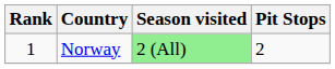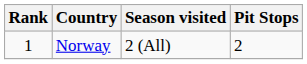 <table class="wikitable">
 <tr>
 <th>Rank</th>
 <th>Country</th>
 <th>Season visited</th>
 <th>Pit Stops</th>
 </tr>
 <tr>
 <td style="text-align:center;">1</td>
 <td><a href='#'>Norway</a></td>
-<td style="background: lightgreen;">2 (All)</td>
+<td>2 (All)</td>
 <td>2</td>
 </tr>
 <tr>
 </tr>
 </table>
